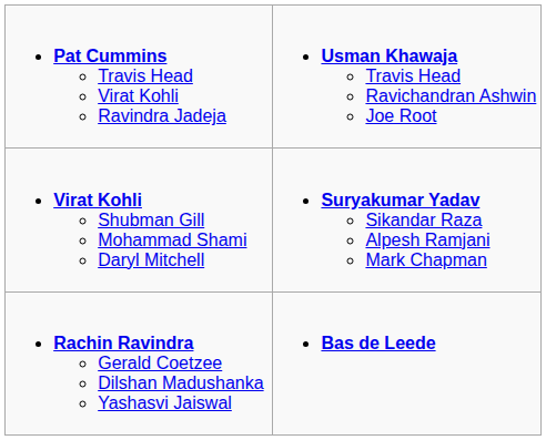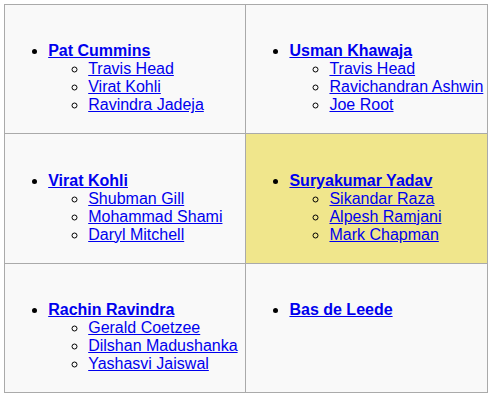 <table class=wikitable>
 <tr>
 <td valign="top" width="50%"><br><ul><li><strong> <a href='#'>Pat Cummins</a></strong><ul><li> <a href='#'>Travis Head</a></li><li> <a href='#'>Virat Kohli</a></li><li> <a href='#'>Ravindra Jadeja</a></li></ul></li></ul></td>
 <td valign="top" width="50%"><br><ul><li><strong> <a href='#'>Usman Khawaja</a></strong><ul><li> <a href='#'>Travis Head</a></li><li> <a href='#'>Ravichandran Ashwin</a></li><li> <a href='#'>Joe Root</a></li></ul></li></ul></td>
 </tr>
 <tr>
 <td valign="top" width="50%"><br><ul><li><strong> <a href='#'>Virat Kohli</a></strong><ul><li> <a href='#'>Shubman Gill</a></li><li> <a href='#'>Mohammad Shami</a></li><li> <a href='#'>Daryl Mitchell</a></li></ul></li></ul></td>
-<td valign="top" width="50%"><br><ul><li><strong> <a href='#'>Suryakumar Yadav</a></strong><ul><li> <a href='#'>Sikandar Raza</a></li><li> <a href='#'>Alpesh Ramjani</a></li><li> <a href='#'>Mark Chapman</a></li></ul></li></ul></td>
+<td valign="top" width="50%" style="background: khaki;"><br><ul><li><strong> <a href='#'>Suryakumar Yadav</a></strong><ul><li> <a href='#'>Sikandar Raza</a></li><li> <a href='#'>Alpesh Ramjani</a></li><li> <a href='#'>Mark Chapman</a></li></ul></li></ul></td>
 </tr>
 <tr>
 <td valign="top" width="50%"><br><ul><li><strong> <a href='#'>Rachin Ravindra</a></strong><ul><li> <a href='#'>Gerald Coetzee</a></li><li> <a href='#'>Dilshan Madushanka</a></li><li> <a href='#'>Yashasvi Jaiswal</a></li></ul></li></ul></td>
 <td valign="top" width="50%"><br><ul><li><strong> <a href='#'>Bas de Leede</a></strong></li></ul></td>
 </tr>
 </table>
